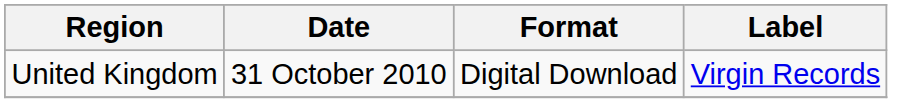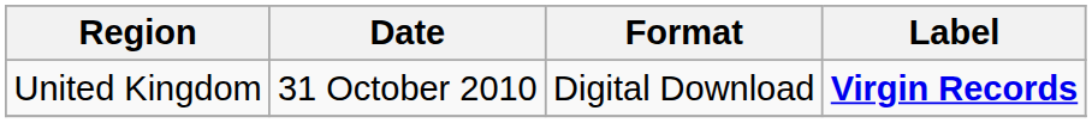 <table class=wikitable>
 <tr>
 <th>Region</th>
 <th>Date</th>
 <th>Format</th>
 <th>Label</th>
 </tr>
 <tr>
 <td>United Kingdom</td>
 <td>31 October 2010</td>
 <td>Digital Download</td>
-<td><a href='#'>Virgin Records</a></td>
+<td><strong><a href='#'>Virgin Records</a></strong></td>
 </tr>
 <tr>
 </tr>
 </table>
